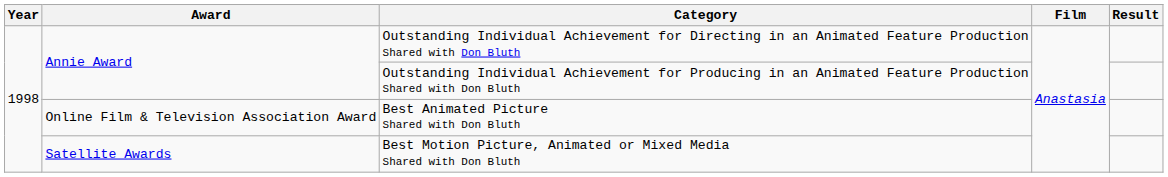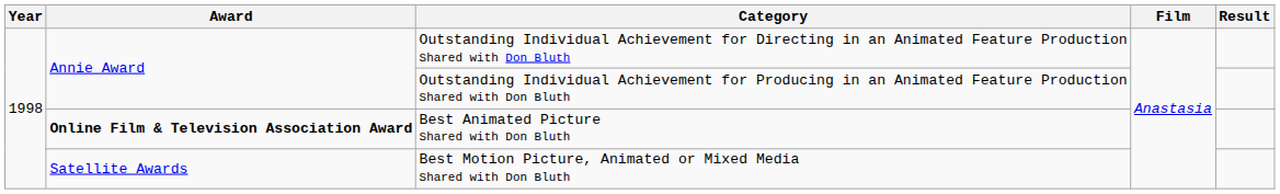 <table class="wikitable">
 <tr>
 <th>Year</th>
 <th>Award</th>
 <th>Category</th>
 <th>Film</th>
 <th>Result</th>
 </tr>
 <tr>
 <td rowspan=4>1998</td>
 <td rowspan=2><a href='#'>Annie Award</a></td>
 <td>Outstanding Individual Achievement for Directing in an Animated Feature Production<br><small>Shared with <a href='#'>Don Bluth</a></small></td>
 <td rowspan=4><em><a href='#'>Anastasia</a></em></td>
 <td></td>
 </tr>
 <tr>
 <td>Outstanding Individual Achievement for Producing in an Animated Feature Production<br><small>Shared with Don Bluth</small></td>
 <td></td>
 </tr>
 <tr>
-<td>Online Film & Television Association Award</td>
+<td><strong>Online Film & Television Association Award</strong></td>
 <td>Best Animated Picture<br><small>Shared with Don Bluth</small></td>
 <td></td>
 </tr>
 <tr>
 <td><a href='#'>Satellite Awards</a></td>
 <td>Best Motion Picture, Animated or Mixed Media<br><small>Shared with Don Bluth</small></td>
 <td></td>
 </tr>
 </table>
